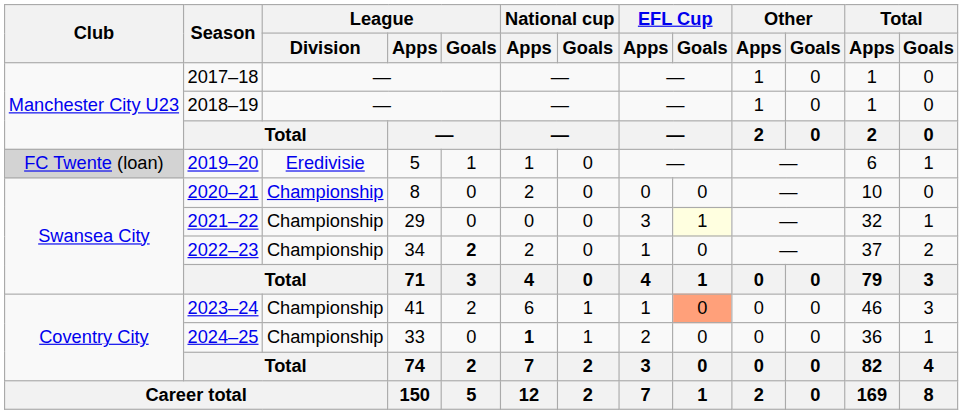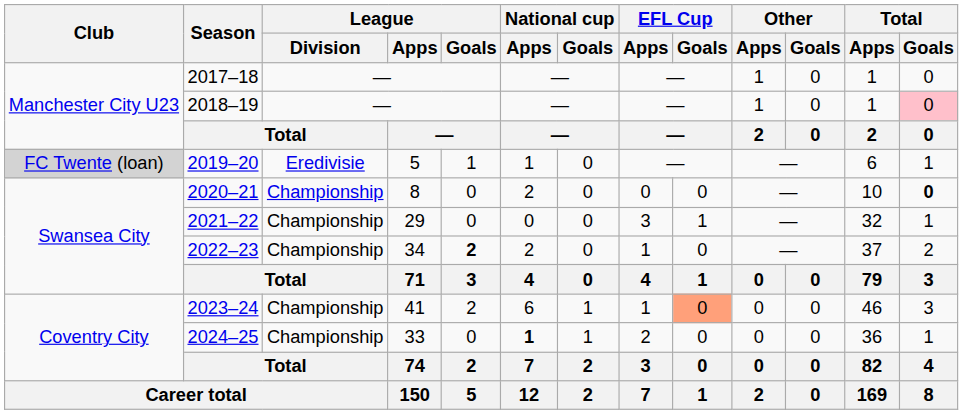 <table class=wikitable style="text-align: center">
 <tr>
 <th rowspan=2>Club</th>
 <th rowspan=2>Season</th>
 <th colspan=3>League</th>
 <th colspan=2>National cup</th>
 <th colspan=2><a href='#'>EFL Cup</a></th>
 <th colspan=2>Other</th>
 <th colspan=2>Total</th>
 </tr>
 <tr>
 <th>Division</th>
 <th>Apps</th>
 <th>Goals</th>
 <th>Apps</th>
 <th>Goals</th>
 <th>Apps</th>
 <th>Goals</th>
 <th>Apps</th>
 <th>Goals</th>
 <th>Apps</th>
 <th>Goals</th>
 </tr>
 <tr>
 <td rowspan=3><a href='#'>Manchester City U23</a></td>
 <td>2017–18</td>
 <td colspan=3>—</td>
 <td colspan=2>—</td>
 <td colspan=2>—</td>
 <td>1</td>
 <td>0</td>
 <td>1</td>
 <td>0</td>
 </tr>
 <tr>
 <td>2018–19</td>
 <td colspan=3>—</td>
 <td colspan=2>—</td>
 <td colspan=2>—</td>
 <td>1</td>
 <td>0</td>
 <td>1</td>
-<td>0</td>
+<td style="background: pink;">0</td>
 </tr>
 <tr>
 <th colspan=2>Total</th>
 <th colspan=2>—</th>
 <th colspan=2>—</th>
 <th colspan=2>—</th>
 <th>2</th>
 <th>0</th>
 <th>2</th>
 <th>0</th>
 </tr>
 <tr>
 <td style="background: lightgrey;"><a href='#'>FC Twente</a> (loan)</td>
 <td><a href='#'>2019–20</a></td>
 <td><a href='#'>Eredivisie</a></td>
 <td>5</td>
 <td>1</td>
 <td>1</td>
 <td>0</td>
 <td colspan=2>—</td>
 <td colspan=2>—</td>
 <td>6</td>
 <td>1</td>
 </tr>
 <tr>
 <td rowspan=4><a href='#'>Swansea City</a></td>
 <td><a href='#'>2020–21</a></td>
 <td><a href='#'>Championship</a></td>
 <td>8</td>
 <td>0</td>
 <td>2</td>
 <td>0</td>
 <td>0</td>
 <td>0</td>
 <td colspan=2>—</td>
 <td>10</td>
-<td>0</td>
+<td><strong>0</strong></td>
 </tr>
 <tr>
 <td><a href='#'>2021–22</a></td>
 <td>Championship</td>
 <td>29</td>
 <td>0</td>
 <td>0</td>
 <td>0</td>
 <td>3</td>
-<td style="background: lightyellow;">1</td>
+<td>1</td>
 <td colspan=2>—</td>
 <td>32</td>
 <td>1</td>
 </tr>
 <tr>
 <td><a href='#'>2022–23</a></td>
 <td>Championship</td>
 <td>34</td>
 <td><strong>2</strong></td>
 <td>2</td>
 <td>0</td>
 <td>1</td>
 <td>0</td>
 <td colspan=2>—</td>
 <td>37</td>
 <td>2</td>
 </tr>
 <tr>
 <th colspan=2>Total</th>
 <th>71</th>
 <th>3</th>
 <th>4</th>
 <th>0</th>
 <th>4</th>
 <th>1</th>
 <th>0</th>
 <th>0</th>
 <th>79</th>
 <th>3</th>
 </tr>
 <tr>
 <td rowspan="3"><a href='#'>Coventry City</a></td>
 <td><a href='#'>2023–24</a></td>
 <td>Championship</td>
 <td>41</td>
 <td>2</td>
 <td>6</td>
 <td>1</td>
 <td>1</td>
 <td style="background: lightsalmon;">0</td>
 <td>0</td>
 <td>0</td>
 <td>46</td>
 <td>3</td>
 </tr>
 <tr>
 <td><a href='#'>2024–25</a></td>
 <td>Championship</td>
 <td>33</td>
 <td>0</td>
 <td><strong>1</strong></td>
 <td>1</td>
 <td>2</td>
 <td>0</td>
 <td>0</td>
 <td>0</td>
 <td>36</td>
 <td>1</td>
 </tr>
 <tr>
 <th colspan=2>Total</th>
 <th>74</th>
 <th>2</th>
 <th>7</th>
 <th>2</th>
 <th>3</th>
 <th>0</th>
 <th>0</th>
 <th>0</th>
 <th>82</th>
 <th>4</th>
 </tr>
 <tr>
 <th colspan=3>Career total</th>
 <th>150</th>
 <th>5</th>
 <th>12</th>
 <th>2</th>
 <th>7</th>
 <th>1</th>
 <th>2</th>
 <th>0</th>
 <th>169</th>
 <th>8</th>
 </tr>
 </table>
